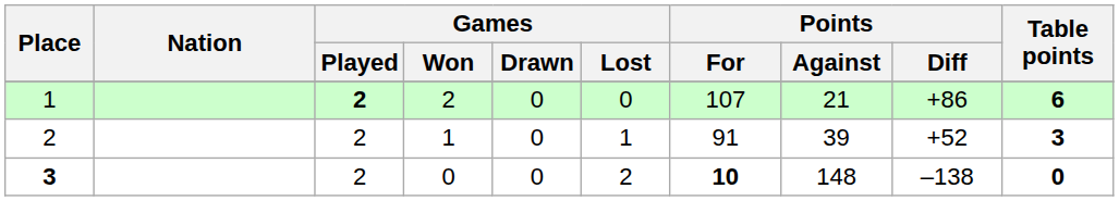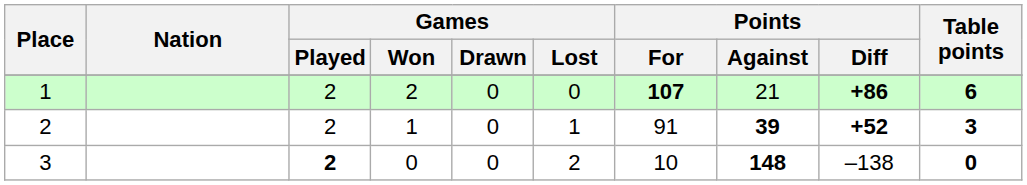 <table class="wikitable">
 <tr>
 <th rowspan=2 width="8%">Place</th>
 <th rowspan=2 width="20%">Nation</th>
 <th colspan=4 width="32%">Games</th>
 <th colspan=3 width="30%">Points</th>
 <th rowspan=2 width="10%">Table<br>points</th>
 </tr>
 <tr>
 <th width="8%">Played</th>
 <th width="8%">Won</th>
 <th width="8%">Drawn</th>
 <th width="8%">Lost</th>
 <th width="10%">For</th>
 <th width="10%">Against</th>
 <th width="10%">Diff</th>
 </tr>
 <tr>
 </tr>
 <tr bgcolor=#ccffcc align=center>
 <td>1</td>
 <td align=left></td>
-<td><strong>2</strong></td>
+<td>2</td>
 <td>2</td>
 <td>0</td>
 <td>0</td>
-<td>107</td>
+<td><strong>107</strong></td>
 <td>21</td>
-<td>+86</td>
+<td><strong>+86</strong></td>
 <td><strong>6</strong></td>
 </tr>
 <tr bgcolor=#ffffff align=center>
 <td>2</td>
 <td align=left></td>
 <td>2</td>
 <td>1</td>
 <td>0</td>
 <td>1</td>
 <td>91</td>
-<td>39</td>
-<td>+52</td>
+<td><strong>39</strong></td>
+<td><strong>+52</strong></td>
 <td><strong>3</strong></td>
 </tr>
 <tr bgcolor=#ffffff align=center>
-<td><strong>3</strong></td>
+<td>3</td>
 <td align=left></td>
-<td>2</td>
+<td><strong>2</strong></td>
 <td>0</td>
 <td>0</td>
 <td>2</td>
-<td><strong>10</strong></td>
-<td>148</td>
+<td>10</td>
+<td><strong>148</strong></td>
 <td>–138</td>
 <td><strong>0</strong></td>
 </tr>
 </table>
